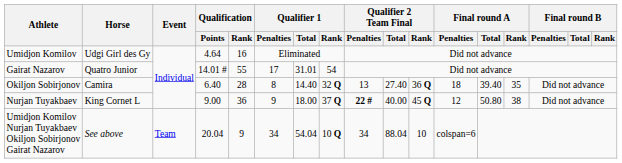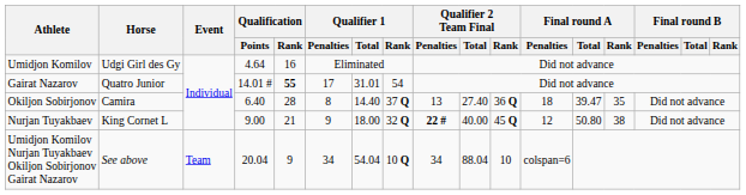 <table class=wikitable style=font-size:90%;text-align:center>
 <tr>
 <th rowspan=2>Athlete</th>
 <th rowspan=2>Horse</th>
 <th rowspan=2>Event</th>
 <th colspan=2>Qualification</th>
 <th colspan=3>Qualifier 1</th>
 <th colspan=3>Qualifier 2<br>Team Final</th>
 <th colspan=3>Final round A</th>
 <th colspan=3>Final round B</th>
 </tr>
 <tr style="font-size:95%">
 <th>Points</th>
 <th>Rank</th>
 <th>Penalties</th>
 <th>Total</th>
 <th>Rank</th>
 <th>Penalties</th>
 <th>Total</th>
 <th>Rank</th>
 <th>Penalties</th>
 <th>Total</th>
 <th>Rank</th>
 <th>Penalties</th>
 <th>Total</th>
 <th>Rank</th>
 </tr>
 <tr>
 <td align=left>Umidjon Komilov</td>
 <td align=left>Udgi Girl des Gy</td>
 <td align=left rowspan=4><a href='#'>Individual</a></td>
 <td>4.64</td>
 <td>16</td>
 <td colspan=3>Eliminated</td>
 <td colspan=9>Did not advance</td>
 </tr>
 <tr>
 <td align=left>Gairat Nazarov</td>
 <td align=left>Quatro Junior</td>
 <td>14.01 #</td>
-<td>55</td>
+<td><strong>55</strong></td>
 <td>17</td>
 <td>31.01</td>
 <td>54</td>
 <td colspan=9>Did not advance</td>
 </tr>
 <tr>
 <td align=left>Okiljon Sobirjonov</td>
 <td align=left>Camira</td>
 <td>6.40</td>
 <td>28</td>
 <td>8</td>
 <td>14.40</td>
-<td>32 <strong>Q</strong></td>
+<td>37 <strong>Q</strong></td>
 <td>13</td>
 <td>27.40</td>
 <td>36 <strong>Q</strong></td>
 <td>18</td>
-<td>39.40</td>
+<td>39.47</td>
 <td>35</td>
 <td colspan=3>Did not advance</td>
 </tr>
 <tr>
 <td align=left>Nurjan Tuyakbaev</td>
 <td align=left>King Cornet L</td>
 <td>9.00</td>
-<td>36</td>
+<td>21</td>
 <td>9</td>
 <td>18.00</td>
-<td>37 <strong>Q</strong></td>
+<td>32 <strong>Q</strong></td>
 <td><strong>22 #</strong></td>
 <td>40.00</td>
 <td>45 <strong>Q</strong></td>
 <td>12</td>
 <td>50.80</td>
 <td>38</td>
 <td colspan=3>Did not advance</td>
 </tr>
 <tr>
 <td align=left>Umidjon Komilov<br>Nurjan Tuyakbaev<br>Okiljon Sobirjonov<br>Gairat Nazarov</td>
 <td align=left><em>See above</em></td>
 <td align=left><a href='#'>Team</a></td>
 <td>20.04</td>
 <td>9</td>
 <td>34</td>
 <td>54.04</td>
 <td>10 <strong>Q</strong></td>
 <td>34</td>
 <td>88.04</td>
 <td>10</td>
 <td>colspan=6 </td>
 </tr>
 </table>
